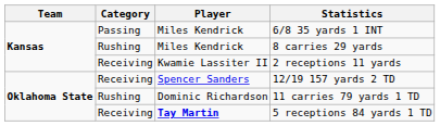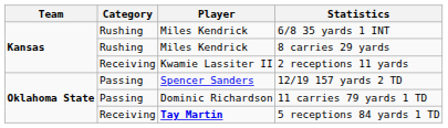 <table class="wikitable" style="float: right;">
 <tr>
 <th>Team</th>
 <th>Category</th>
 <th>Player</th>
 <th>Statistics</th>
 </tr>
 <tr>
 <td rowspan=3><strong>Kansas</strong></td>
-<td>Passing</td>
+<td>Rushing</td>
 <td>Miles Kendrick</td>
 <td>6/8 35 yards 1 INT</td>
 </tr>
 <tr>
 <td>Rushing</td>
 <td>Miles Kendrick</td>
 <td>8 carries 29 yards</td>
 </tr>
 <tr>
 <td>Receiving</td>
 <td>Kwamie Lassiter II</td>
 <td>2 receptions 11 yards</td>
 </tr>
 <tr>
 <td rowspan=3><strong>Oklahoma State</strong></td>
-<td>Receiving</td>
+<td>Passing</td>
 <td><a href='#'>Spencer Sanders</a></td>
 <td>12/19 157 yards 2 TD</td>
 </tr>
 <tr>
-<td>Rushing</td>
+<td>Passing</td>
 <td>Dominic Richardson</td>
 <td>11 carries 79 yards 1 TD</td>
 </tr>
 <tr>
 <td>Receiving</td>
 <td><strong><a href='#'>Tay Martin</a></strong></td>
 <td>5 receptions 84 yards 1 TD</td>
 </tr>
 </table>
